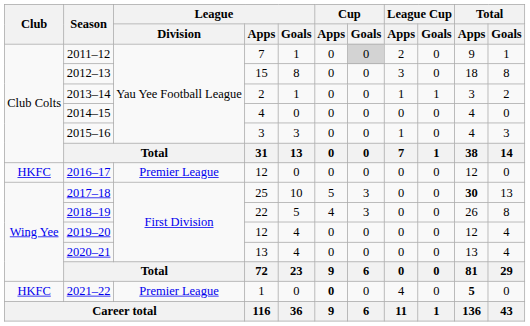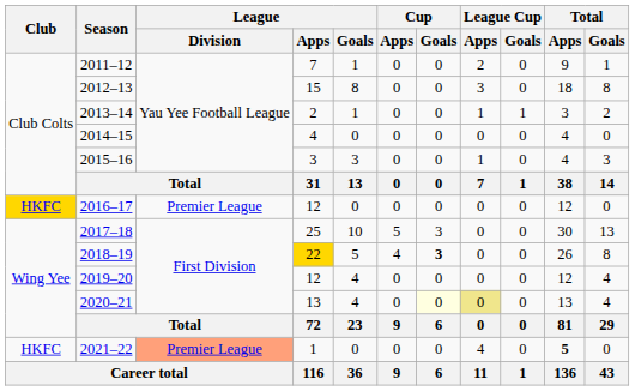 <table class="wikitable" style="text-align: center">
 <tr>
 <th rowspan="2">Club</th>
 <th rowspan="2">Season</th>
 <th colspan="3">League</th>
 <th colspan="2">Cup</th>
 <th colspan="2">League Cup</th>
 <th colspan="2">Total</th>
 </tr>
 <tr>
 <th>Division</th>
 <th>Apps</th>
 <th>Goals</th>
 <th>Apps</th>
 <th>Goals</th>
 <th>Apps</th>
 <th>Goals</th>
 <th>Apps</th>
 <th>Goals</th>
 </tr>
 <tr>
 <td rowspan="6">Club Colts</td>
 <td>2011–12</td>
 <td rowspan="5">Yau Yee Football League</td>
 <td>7</td>
 <td>1</td>
 <td>0</td>
-<td style="background: lightgrey;">0</td>
+<td>0</td>
 <td>2</td>
 <td>0</td>
 <td>9</td>
 <td>1</td>
 </tr>
 <tr>
 <td>2012–13</td>
 <td>15</td>
 <td>8</td>
 <td>0</td>
 <td>0</td>
 <td>3</td>
 <td>0</td>
 <td>18</td>
 <td>8</td>
 </tr>
 <tr>
 <td>2013–14</td>
 <td>2</td>
 <td>1</td>
 <td>0</td>
 <td>0</td>
 <td>1</td>
 <td>1</td>
 <td>3</td>
 <td>2</td>
 </tr>
 <tr>
 <td>2014–15</td>
 <td>4</td>
 <td>0</td>
 <td>0</td>
 <td>0</td>
 <td>0</td>
 <td>0</td>
 <td>4</td>
 <td>0</td>
 </tr>
 <tr>
 <td>2015–16</td>
 <td>3</td>
 <td>3</td>
 <td>0</td>
 <td>0</td>
 <td>1</td>
 <td>0</td>
 <td>4</td>
 <td>3</td>
 </tr>
 <tr>
 <th colspan="2">Total</th>
 <th>31</th>
 <th>13</th>
 <th>0</th>
 <th>0</th>
 <th>7</th>
 <th>1</th>
 <th>38</th>
 <th>14</th>
 </tr>
 <tr>
-<td><a href='#'>HKFC</a></td>
+<td style="background: gold;"><a href='#'>HKFC</a></td>
 <td><a href='#'>2016–17</a></td>
 <td><a href='#'>Premier League</a></td>
 <td>12</td>
 <td>0</td>
 <td>0</td>
 <td>0</td>
 <td>0</td>
 <td>0</td>
 <td>12</td>
 <td>0</td>
 </tr>
 <tr>
 <td rowspan="5"><a href='#'>Wing Yee</a></td>
 <td><a href='#'>2017–18</a></td>
 <td rowspan="4"><a href='#'>First Division</a></td>
 <td>25</td>
 <td>10</td>
 <td>5</td>
 <td>3</td>
 <td>0</td>
 <td>0</td>
-<td><strong>30</strong></td>
+<td>30</td>
 <td>13</td>
 </tr>
 <tr>
 <td><a href='#'>2018–19</a></td>
-<td>22</td>
+<td style="background: gold;">22</td>
 <td>5</td>
 <td>4</td>
-<td>3</td>
+<td><strong>3</strong></td>
 <td>0</td>
 <td>0</td>
 <td>26</td>
 <td>8</td>
 </tr>
 <tr>
 <td><a href='#'>2019–20</a></td>
 <td>12</td>
 <td>4</td>
 <td>0</td>
 <td>0</td>
 <td>0</td>
 <td>0</td>
 <td>12</td>
 <td>4</td>
 </tr>
 <tr>
 <td><a href='#'>2020–21</a></td>
 <td>13</td>
 <td>4</td>
 <td>0</td>
-<td>0</td>
-<td>0</td>
+<td style="background: lightyellow;">0</td>
+<td style="background: khaki;">0</td>
 <td>0</td>
 <td>13</td>
 <td>4</td>
 </tr>
 <tr>
 <th colspan="2">Total</th>
 <th>72</th>
 <th>23</th>
 <th>9</th>
 <th>6</th>
 <th>0</th>
 <th>0</th>
 <th>81</th>
 <th>29</th>
 </tr>
 <tr>
 <td><a href='#'>HKFC</a></td>
 <td><a href='#'>2021–22</a></td>
-<td><a href='#'>Premier League</a></td>
+<td style="background: lightsalmon;"><a href='#'>Premier League</a></td>
 <td>1</td>
 <td>0</td>
-<td><strong>0</strong></td>
+<td>0</td>
 <td>0</td>
 <td>4</td>
 <td>0</td>
 <td><strong>5</strong></td>
 <td>0</td>
 </tr>
 <tr>
 <th colspan="3">Career total</th>
 <th>116</th>
 <th>36</th>
 <th>9</th>
 <th>6</th>
 <th>11</th>
 <th>1</th>
 <th>136</th>
 <th>43</th>
 </tr>
 </table>
